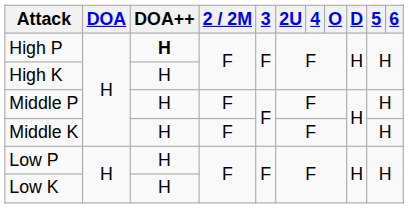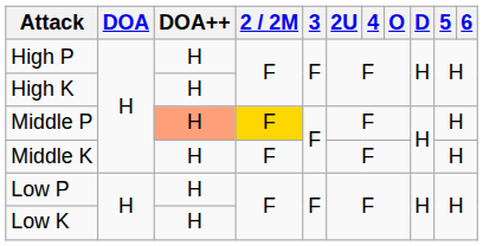 <table class="wikitable" style="float:right; margin-left: 10px;">
 <tr>
 <th>Attack</th>
 <th><a href='#'>DOA</a></th>
 <th>DOA++</th>
 <th><a href='#'>2 / 2M</a></th>
 <th><a href='#'>3</a></th>
 <th><a href='#'>2U</a></th>
 <th><a href='#'>4</a></th>
 <th><a href='#'>O</a></th>
 <th><a href='#'>D</a></th>
 <th><a href='#'>5</a></th>
 <th><a href='#'>6</a></th>
 </tr>
 <tr>
 <td>High P</td>
 <td rowspan=4 style="text-align: center;">H</td>
-<td style="text-align: center;"><strong>  H</strong></td>
+<td style="text-align: center;">  H</td>
 <td rowspan=2 style="text-align: center;">  F</td>
 <td rowspan=2 style="text-align: center;"> F</td>
 <td rowspan=2 colspan=3 style="text-align: center;"> F</td>
 <td rowspan=2 style="text-align: center;"> H</td>
 <td rowspan=2 colspan=2 style="text-align: center;"> H</td>
 </tr>
 <tr>
 <td>High K</td>
 <td style="text-align: center;">  H</td>
 </tr>
 <tr>
 <td>Middle P</td>
-<td style="text-align: center;">  H</td>
-<td style="text-align: center;">  F</td>
+<td style="background: lightsalmon; text-align: center;">  H</td>
+<td style="background: gold; text-align: center;">  F</td>
 <td rowspan=2 style="text-align: center;"> F</td>
 <td colspan=3 style="text-align: center;"> F</td>
 <td rowspan=2 style="text-align: center;"> H</td>
 <td colspan=2 style="text-align: center;"> H</td>
 </tr>
 <tr>
 <td>Middle K</td>
 <td style="text-align: center;">   H</td>
 <td style="text-align: center;">  F</td>
 <td colspan=3 style="text-align: center;"> F</td>
 <td colspan=3 style="text-align: center;"> H</td>
 </tr>
 <tr>
 <td>Low P</td>
 <td rowspan=2 style="text-align: center;"> H</td>
 <td style="text-align: center;">  H</td>
 <td rowspan=2 style="text-align: center;">  F</td>
 <td rowspan=2 style="text-align: center;"> F</td>
 <td rowspan=2 colspan=3 style="text-align: center;"> F</td>
 <td rowspan=2 style="text-align: center;"> H</td>
 <td rowspan=2 colspan=2 style="text-align: center;"> H</td>
 </tr>
 <tr>
 <td>Low K</td>
 <td style="text-align: center;">  H</td>
 </tr>
 </table>
